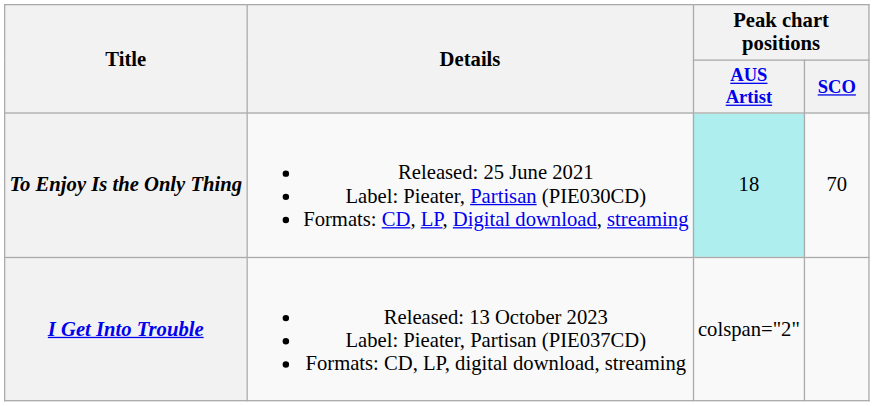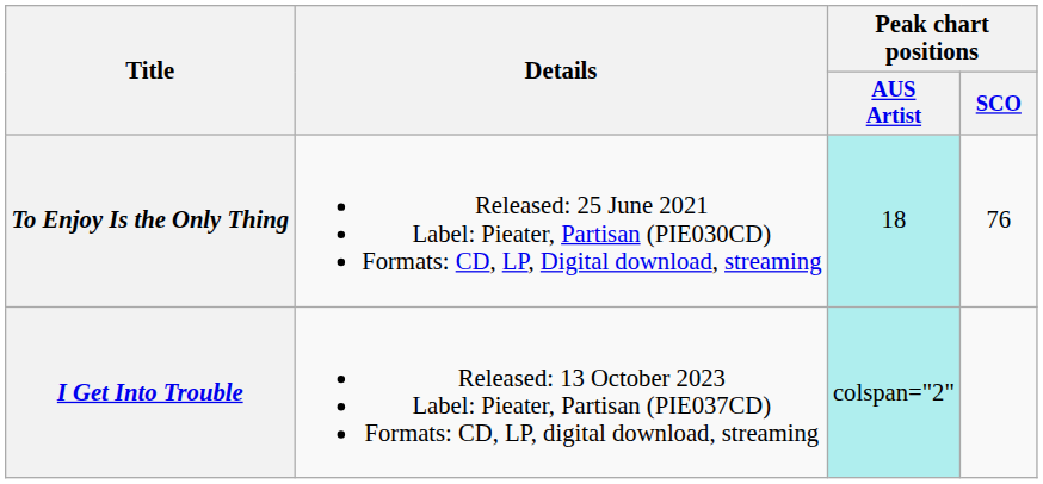 <table class="wikitable plainrowheaders" style="text-align:center">
 <tr>
 <th scope="col" rowspan="2">Title</th>
 <th scope="col" rowspan="2">Details</th>
 <th scope="col" colspan="2">Peak chart positions</th>
 </tr>
 <tr>
 <th scope="col" style="width:3em;font-size:90%;"><a href='#'>AUS<br>Artist</a><br></th>
 <th scope="col" style="width:3em;font-size:90%;"><a href='#'>SCO</a><br></th>
 </tr>
 <tr>
 <th scope="row"><em>To Enjoy Is the Only Thing</em></th>
 <td><br><ul><li>Released: 25 June 2021</li><li>Label: Pieater, <a href='#'>Partisan</a> (PIE030CD)</li><li>Formats: <a href='#'>CD</a>, <a href='#'>LP</a>, <a href='#'>Digital download</a>, <a href='#'>streaming</a></li></ul></td>
 <td style="background: paleturquoise;">18</td>
-<td>70</td>
+<td>76</td>
 </tr>
 <tr>
 <th scope="row"><em><a href='#'>I Get Into Trouble</a></em></th>
 <td><br><ul><li>Released: 13 October 2023</li><li>Label: Pieater, Partisan (PIE037CD)</li><li>Formats: CD, LP, digital download, streaming</li></ul></td>
-<td>colspan="2" </td>
+<td style="background: paleturquoise;">colspan="2" </td>
 </tr>
 </table>
